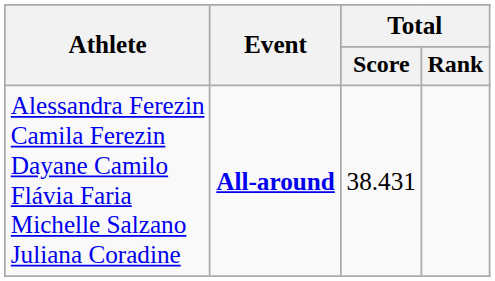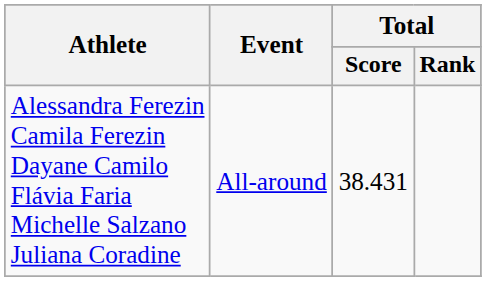 <table class=wikitable style=font-size:90%;text-align:center>
 <tr>
 <th rowspan=2>Athlete</th>
 <th rowspan=2>Event</th>
 <th colspan=2>Total</th>
 </tr>
 <tr style=font-size:95%>
 <th>Score</th>
 <th>Rank</th>
 </tr>
 <tr>
 <td align=left><a href='#'>Alessandra Ferezin</a><br><a href='#'>Camila Ferezin</a><br><a href='#'>Dayane Camilo</a><br><a href='#'>Flávia Faria</a><br><a href='#'>Michelle Salzano</a><br><a href='#'>Juliana Coradine</a></td>
-<td align=left><strong><a href='#'>All-around</a></strong></td>
+<td align=left><a href='#'>All-around</a></td>
 <td>38.431</td>
 <td></td>
 </tr>
 </table>
